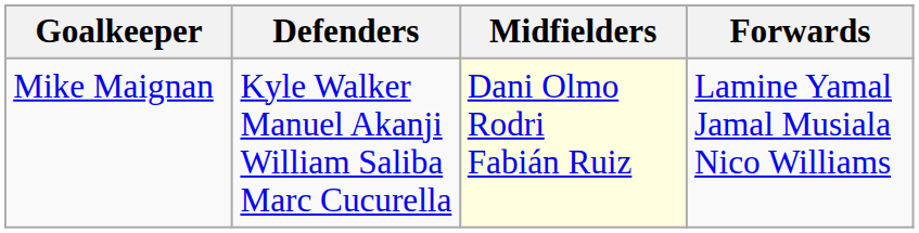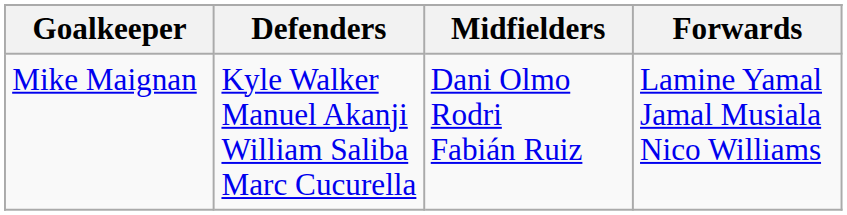 <table class="wikitable">
 <tr>
 </tr>
 <tr>
 <th style="width:25%">Goalkeeper</th>
 <th style="width:25%">Defenders</th>
 <th style="width:25%">Midfielders</th>
 <th style="width:25%">Forwards</th>
 </tr>
 <tr style="vertical-align:top">
 <td> <a href='#'>Mike Maignan</a></td>
 <td> <a href='#'>Kyle Walker</a><br> <a href='#'>Manuel Akanji</a><br> <a href='#'>William Saliba</a><br> <a href='#'>Marc Cucurella</a></td>
-<td style="background: lightyellow;"> <a href='#'>Dani Olmo</a><br> <a href='#'>Rodri</a><br> <a href='#'>Fabián Ruiz</a></td>
+<td> <a href='#'>Dani Olmo</a><br> <a href='#'>Rodri</a><br> <a href='#'>Fabián Ruiz</a></td>
 <td> <a href='#'>Lamine Yamal</a><br> <a href='#'>Jamal Musiala</a><br> <a href='#'>Nico Williams</a></td>
 </tr>
 </table>
